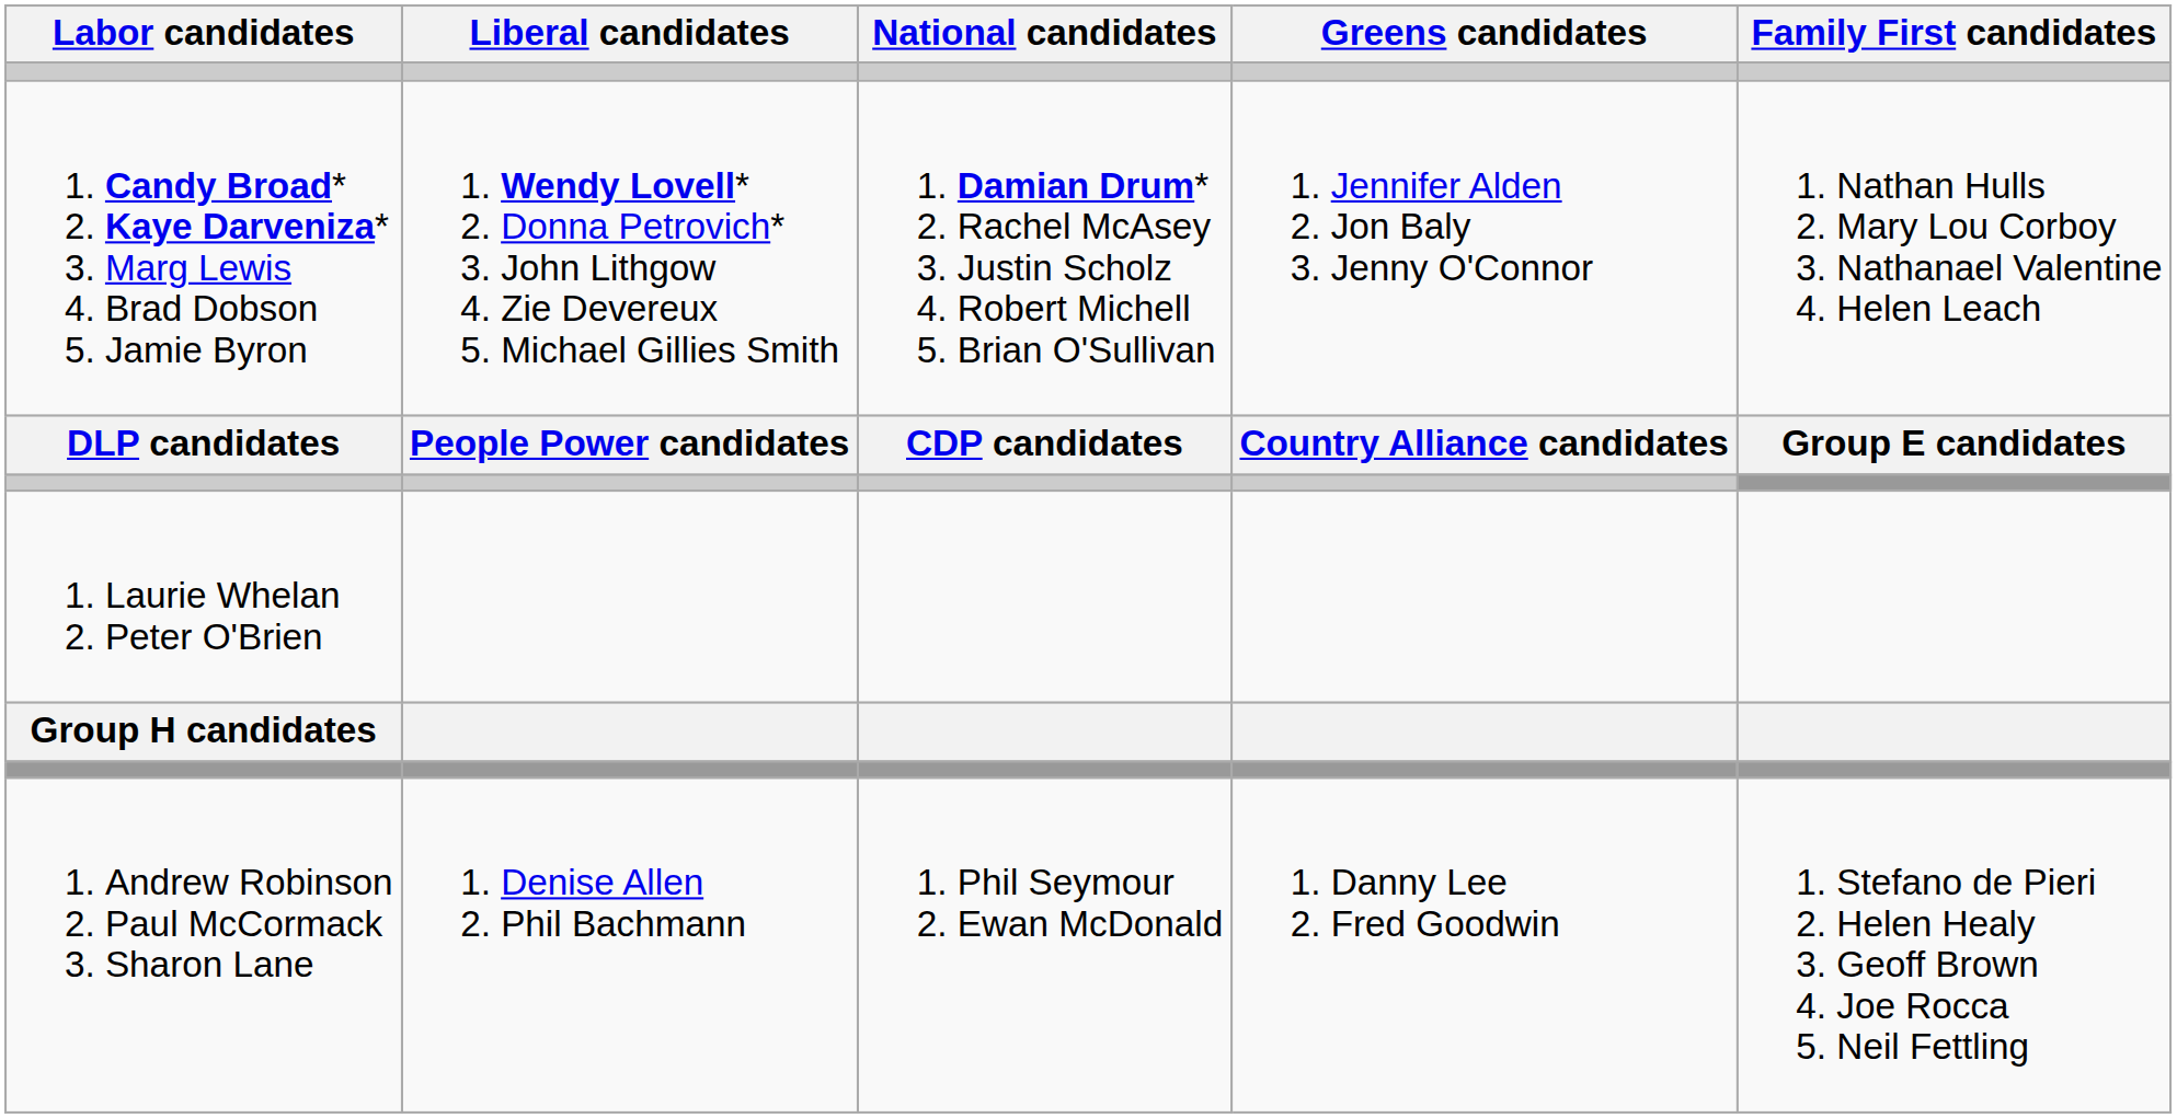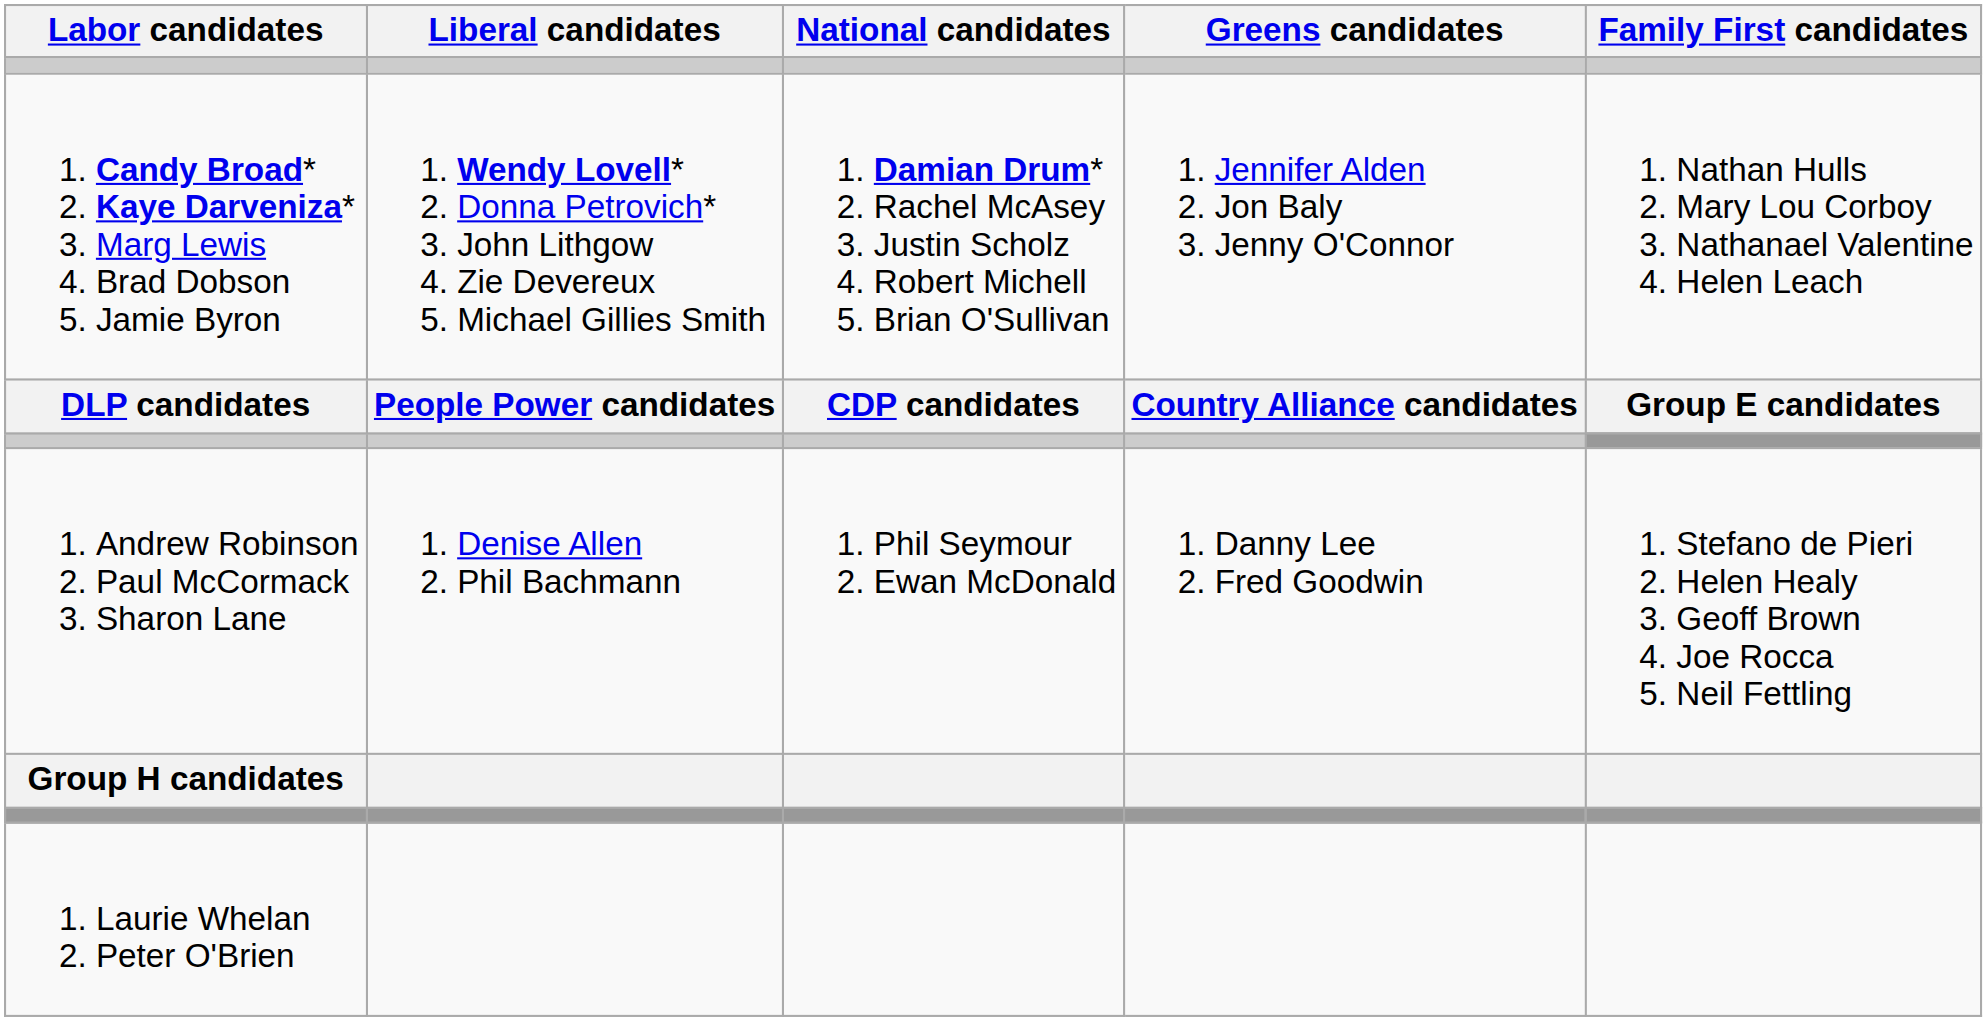 <table class="wikitable">
 <tr>
 <th><a href='#'>Labor</a> candidates</th>
 <th><a href='#'>Liberal</a> candidates</th>
 <th><a href='#'>National</a> candidates</th>
 <th><a href='#'>Greens</a> candidates</th>
 <th><a href='#'>Family First</a> candidates</th>
 </tr>
 <tr bgcolor="#cccccc">
 <td></td>
 <td></td>
 <td></td>
 <td></td>
 <td></td>
 </tr>
 <tr>
 <td><br><ol><li><strong><a href='#'>Candy Broad</a></strong>*</li><li><strong><a href='#'>Kaye Darveniza</a></strong>*</li><li><a href='#'>Marg Lewis</a></li><li>Brad Dobson</li><li>Jamie Byron</li></ol></td>
 <td><br><ol><li><strong><a href='#'>Wendy Lovell</a></strong>*</li><li><a href='#'>Donna Petrovich</a>*</li><li>John Lithgow</li><li>Zie Devereux</li><li>Michael Gillies Smith</li></ol></td>
 <td><br><ol><li><strong><a href='#'>Damian Drum</a></strong>*</li><li>Rachel McAsey</li><li>Justin Scholz</li><li>Robert Michell</li><li>Brian O'Sullivan</li></ol></td>
 <td valign=top><br><ol><li><a href='#'>Jennifer Alden</a></li><li>Jon Baly</li><li>Jenny O'Connor</li></ol></td>
 <td valign=top><br><ol><li>Nathan Hulls</li><li>Mary Lou Corboy</li><li>Nathanael Valentine</li><li>Helen Leach</li></ol></td>
 </tr>
 <tr bgcolor="#cccccc">
 <th><a href='#'>DLP</a> candidates</th>
 <th><a href='#'>People Power</a> candidates</th>
 <th><a href='#'>CDP</a> candidates</th>
 <th><a href='#'>Country Alliance</a> candidates</th>
 <th>Group E candidates</th>
 </tr>
 <tr bgcolor="#cccccc">
 <td></td>
 <td></td>
 <td></td>
 <td></td>
 <td bgcolor="#999999"></td>
 </tr>
 <tr>
-<td valign=top><br><ol><li>Laurie Whelan</li><li>Peter O'Brien</li></ol></td>
-<td valign=top></td>
-<td valign=top></td>
-<td valign=top></td>
-<td valign=top></td>
+<td valign=top><br><ol><li>Andrew Robinson</li><li>Paul McCormack</li><li>Sharon Lane</li></ol></td>
+<td valign=top><br><ol><li><a href='#'>Denise Allen</a></li><li>Phil Bachmann</li></ol></td>
+<td valign=top><br><ol><li>Phil Seymour</li><li>Ewan McDonald</li></ol></td>
+<td valign=top><br><ol><li>Danny Lee</li><li>Fred Goodwin</li></ol></td>
+<td valign=top><br><ol><li>Stefano de Pieri</li><li>Helen Healy</li><li>Geoff Brown</li><li>Joe Rocca</li><li>Neil Fettling</li></ol></td>
 </tr>
 <tr bgcolor="#cccccc">
 <th>Group H candidates</th>
 <th></th>
 <th></th>
 <th></th>
 <th></th>
 </tr>
 <tr bgcolor="#cccccc">
 <td bgcolor="#999999"></td>
 <td bgcolor="#999999"></td>
 <td bgcolor="#999999"></td>
 <td bgcolor="#999999"></td>
 <td bgcolor="#999999"></td>
 </tr>
 <tr>
-<td valign=top><br><ol><li>Andrew Robinson</li><li>Paul McCormack</li><li>Sharon Lane</li></ol></td>
-<td valign=top><br><ol><li><a href='#'>Denise Allen</a></li><li>Phil Bachmann</li></ol></td>
-<td valign=top><br><ol><li>Phil Seymour</li><li>Ewan McDonald</li></ol></td>
-<td valign=top><br><ol><li>Danny Lee</li><li>Fred Goodwin</li></ol></td>
-<td valign=top><br><ol><li>Stefano de Pieri</li><li>Helen Healy</li><li>Geoff Brown</li><li>Joe Rocca</li><li>Neil Fettling</li></ol></td>
+<td valign=top><br><ol><li>Laurie Whelan</li><li>Peter O'Brien</li></ol></td>
+<td valign=top></td>
+<td valign=top></td>
+<td valign=top></td>
+<td valign=top></td>
 </tr>
 </table>
